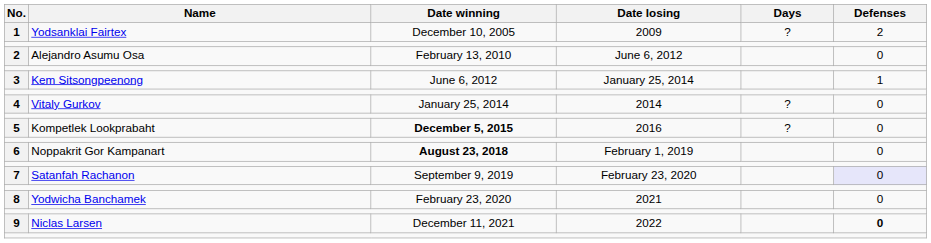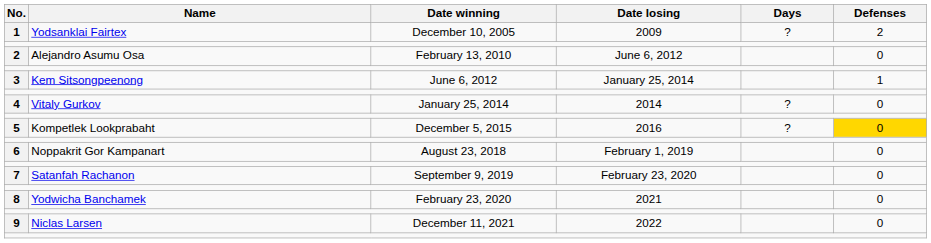 <table class="wikitable" width=100%>
 <tr>
 <th style="width:1%;">No.</th>
 <th style="width:37%;">Name</th>
 <th style="width:20%;">Date winning</th>
 <th style="width:20%;">Date losing</th>
 <th data-sort-type="number" style="width:10%;">Days</th>
 <th data-sort-type="number" style="width:10%;">Defenses</th>
 </tr>
 <tr align=center>
 <th>1</th>
 <td align=left> <a href='#'>Yodsanklai Fairtex</a></td>
 <td>December 10, 2005</td>
 <td>2009</td>
 <td>?</td>
 <td>2</td>
 </tr>
 <tr>
 <td colspan="6"></td>
 </tr>
 <tr align=center>
 <th>2</th>
 <td align=left> Alejandro Asumu Osa</td>
 <td>February 13, 2010</td>
 <td>June 6, 2012</td>
 <td></td>
 <td>0</td>
 </tr>
 <tr>
 <td colspan="6"></td>
 </tr>
 <tr align=center>
 <th>3</th>
 <td align=left> <a href='#'>Kem Sitsongpeenong</a></td>
 <td>June 6, 2012</td>
 <td>January 25, 2014</td>
 <td></td>
 <td>1</td>
 </tr>
 <tr>
 <td colspan="6"></td>
 </tr>
 <tr align=center>
 <th>4</th>
 <td align=left> <a href='#'>Vitaly Gurkov</a></td>
 <td>January 25, 2014</td>
 <td>2014</td>
 <td>?</td>
 <td>0</td>
 </tr>
 <tr>
 <td colspan="6"></td>
 </tr>
 <tr align=center>
 <th>5</th>
 <td align=left> Kompetlek Lookprabaht</td>
-<td><strong>December 5, 2015</strong></td>
+<td>December 5, 2015</td>
 <td>2016</td>
 <td>?</td>
-<td>0</td>
+<td style="background: gold;">0</td>
 </tr>
 <tr>
 <td colspan="6"></td>
 </tr>
 <tr align=center>
 <th>6</th>
 <td align=left> Noppakrit Gor Kampanart</td>
-<td><strong>August 23, 2018</strong></td>
+<td>August 23, 2018</td>
 <td>February 1, 2019</td>
 <td></td>
 <td>0</td>
 </tr>
 <tr>
 <td colspan="6"></td>
 </tr>
 <tr align=center>
 <th>7</th>
 <td align=left> <a href='#'>Satanfah Rachanon</a></td>
 <td>September 9, 2019</td>
 <td>February 23, 2020</td>
 <td></td>
-<td style="background: lavender;">0</td>
+<td>0</td>
 </tr>
 <tr>
 <td colspan="6"></td>
 </tr>
 <tr align=center>
 <th>8</th>
 <td align=left> <a href='#'>Yodwicha Banchamek</a></td>
 <td>February 23, 2020</td>
 <td>2021</td>
 <td></td>
 <td>0</td>
 </tr>
 <tr>
 <td colspan="6"></td>
 </tr>
 <tr align=center>
 <th>9</th>
 <td align=left> <a href='#'>Niclas Larsen</a></td>
 <td>December 11, 2021</td>
 <td>2022</td>
 <td></td>
-<td><strong>0</strong></td>
+<td>0</td>
 </tr>
 <tr>
 <td colspan="6"></td>
 </tr>
 </table>
